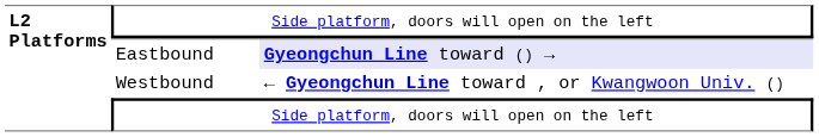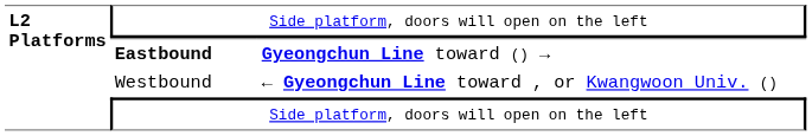 <table table border=0 cellspacing=0 cellpadding=3>
 <tr>
 <td style="border-top:solid 1px gray;border-bottom:solid 1px gray;" width=50 rowspan=10 valign=top><strong>L2<br>Platforms</strong></td>
 <td style="border-top:solid 1px gray;border-right:solid 2px black;border-left:solid 2px black;border-bottom:solid 2px black;text-align:center;" colspan=2><small><a href='#'>Side platform</a>, doors will open on the left</small></td>
 </tr>
 <tr>
-<td style="border-bottom:solid 0px gray;border-top:solid 1px gray;" width=100>Eastbound</td>
-<td style="background: lavender; border-bottom:solid 0px gray;border-top:solid 1px gray;" width=390> <a href='#'><span><strong>Gyeongchun Line</strong></span></a> toward  <small>()</small> →</td>
+<td style="border-bottom:solid 0px gray;border-top:solid 1px gray;" width=100><strong>Eastbound</strong></td>
+<td style="border-bottom:solid 0px gray;border-top:solid 1px gray;" width=390> <a href='#'><span><strong>Gyeongchun Line</strong></span></a> toward  <small>()</small> →</td>
 </tr>
 <tr>
 <td>Westbound</td>
 <td>← <a href='#'><span><strong>Gyeongchun Line</strong></span></a> toward ,  or <a href='#'>Kwangwoon Univ.</a>  <small>()</small></td>
 </tr>
 <tr>
 <td style="border-top:solid 2px black;border-right:solid 2px black;border-left:solid 2px black;border-bottom:solid 1px gray;text-align:center;" colspan=2><small><a href='#'>Side platform</a>, doors will open on the left</small></td>
 </tr>
 </table>
